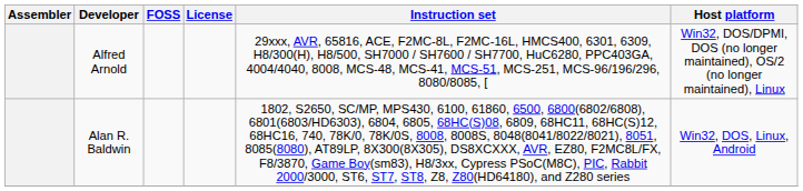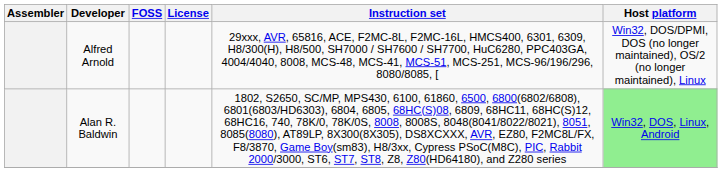 <table class="wikitable sortable" style="font-size: 85%; text-align: center">
 <tr>
 <th>Assembler</th>
 <th>Developer</th>
 <th><a href='#'>FOSS</a></th>
 <th><a href='#'>License</a></th>
 <th><a href='#'>Instruction set</a></th>
 <th>Host <a href='#'>platform</a></th>
 </tr>
 <tr>
 <th></th>
 <td>Alfred Arnold</td>
 <td></td>
 <td></td>
 <td>29xxx, <a href='#'>AVR</a>, 65816, ACE, F2MC-8L, F2MC-16L, HMCS400, 6301, 6309, H8/300(H), H8/500, SH7000 / SH7600 / SH7700, HuC6280, PPC403GA, 4004/4040, 8008, MCS-48, MCS-41, <a href='#'>MCS-51</a>, MCS-251, MCS-96/196/296, 8080/8085, [</td>
 <td><a href='#'>Win32</a>, DOS/DPMI, DOS (no longer maintained), OS/2 (no longer maintained), <a href='#'>Linux</a></td>
 </tr>
 <tr>
 <th></th>
 <td>Alan R. Baldwin</td>
 <td></td>
 <td></td>
 <td>1802, S2650, SC/MP, MPS430, 6100, 61860,  <a href='#'>6500</a>, <a href='#'>6800</a>(6802/6808), 6801(6803/HD6303), 6804, 6805, <a href='#'>68HC(S)08</a>, 6809, 68HC11, 68HC(S)12, 68HC16, 740, 78K/0, 78K/0S, <a href='#'>8008</a>,  8008S,  8048(8041/8022/8021), <a href='#'>8051</a>, 8085(<a href='#'>8080</a>), AT89LP, 8X300(8X305), DS8XCXXX, <a href='#'>AVR</a>, EZ80, F2MC8L/FX, F8/3870, <a href='#'>Game Boy</a>(sm83), H8/3xx, Cypress PSoC(M8C), <a href='#'>PIC</a>, <a href='#'>Rabbit 2000</a>/3000, ST6,  <a href='#'>ST7</a>,  <a href='#'>ST8</a>,  Z8, <a href='#'>Z80</a>(HD64180), and Z280 series</td>
-<td><a href='#'>Win32</a>, <a href='#'>DOS</a>, <a href='#'>Linux</a>, <a href='#'>Android</a></td>
+<td style="background: lightgreen;"><a href='#'>Win32</a>, <a href='#'>DOS</a>, <a href='#'>Linux</a>, <a href='#'>Android</a></td>
 </tr>
 <tr>
 </tr>
 </table>
